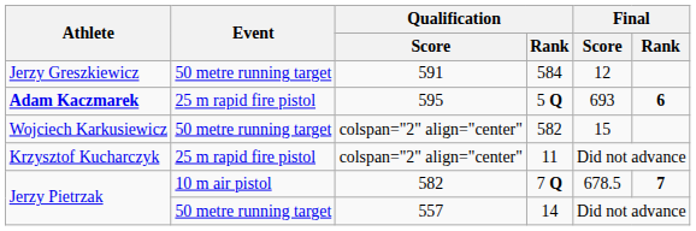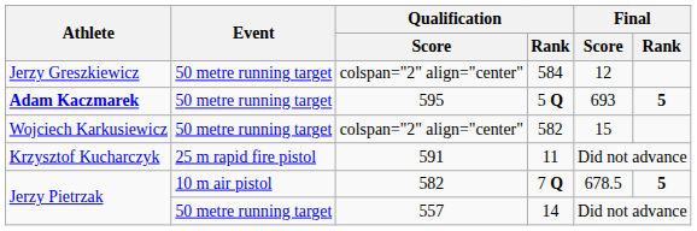 <table class="wikitable" style="font-size:90%">
 <tr>
 <th rowspan="2">Athlete</th>
 <th rowspan="2">Event</th>
 <th colspan="2">Qualification</th>
 <th colspan="2">Final</th>
 </tr>
 <tr>
 <th>Score</th>
 <th>Rank</th>
 <th>Score</th>
 <th>Rank</th>
 </tr>
 <tr>
 <td><a href='#'>Jerzy Greszkiewicz</a></td>
 <td><a href='#'>50 metre running target</a></td>
-<td align="center">591</td>
+<td>colspan="2"  align="center" </td>
 <td align="center">584</td>
 <td align="center">12</td>
 </tr>
 <tr>
 <td><strong><a href='#'>Adam Kaczmarek</a></strong></td>
-<td><a href='#'>25 m rapid fire pistol</a></td>
+<td><a href='#'>50 metre running target</a></td>
 <td align="center">595</td>
 <td align="center">5 <strong>Q</strong></td>
 <td align="center">693</td>
-<td align="center"><strong>6</strong></td>
+<td align="center"><strong>5</strong></td>
 </tr>
 <tr>
 <td><a href='#'>Wojciech Karkusiewicz</a></td>
 <td><a href='#'>50 metre running target</a></td>
 <td>colspan="2" align="center" </td>
 <td align="center">582</td>
 <td align="center">15</td>
 </tr>
 <tr>
 <td><a href='#'>Krzysztof Kucharczyk</a></td>
 <td><a href='#'>25 m rapid fire pistol</a></td>
-<td>colspan="2"  align="center" </td>
+<td align="center">591</td>
 <td align="center">11</td>
 <td colspan="2"  align="center">Did not advance</td>
 </tr>
 <tr>
 <td rowspan=2><a href='#'>Jerzy Pietrzak</a></td>
 <td><a href='#'>10 m air pistol</a></td>
 <td align="center">582</td>
 <td align="center">7 <strong>Q</strong></td>
 <td align="center">678.5</td>
-<td align="center"><strong>7</strong></td>
+<td align="center"><strong>5</strong></td>
 </tr>
 <tr>
 <td><a href='#'>50 metre running target</a></td>
 <td align="center">557</td>
 <td align="center">14</td>
 <td colspan="2"  align="center">Did not advance</td>
 </tr>
 </table>
